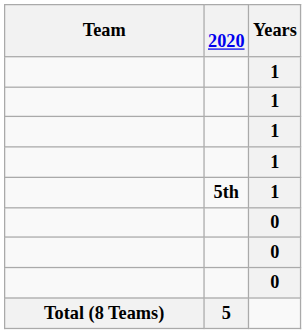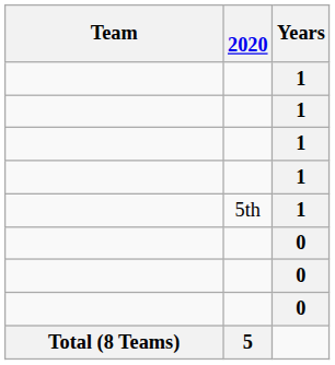 <table class="wikitable" style="text-align:center; font-size:90%">
 <tr>
 <th width=150>Team</th>
 <th><br><a href='#'>2020</a></th>
 <th>Years</th>
 </tr>
 <tr>
 <td align=left></td>
 <td></td>
 <th>1</th>
 </tr>
 <tr>
 <td align=left></td>
 <td></td>
 <th>1</th>
 </tr>
 <tr>
 <td align=left></td>
 <td></td>
 <th>1</th>
 </tr>
 <tr>
 <td align=left></td>
 <td></td>
 <th>1</th>
 </tr>
 <tr>
 <td align=left></td>
-<td><strong>5th</strong></td>
+<td>5th</td>
 <th>1</th>
 </tr>
 <tr>
 <td align=left></td>
 <td></td>
 <th>0</th>
 </tr>
 <tr>
 <td align=left></td>
 <td></td>
 <th>0</th>
 </tr>
 <tr>
 <td align=left></td>
 <td></td>
 <th>0</th>
 </tr>
 <tr>
 <th>Total (8 Teams)</th>
 <th>5</th>
 </tr>
 </table>
